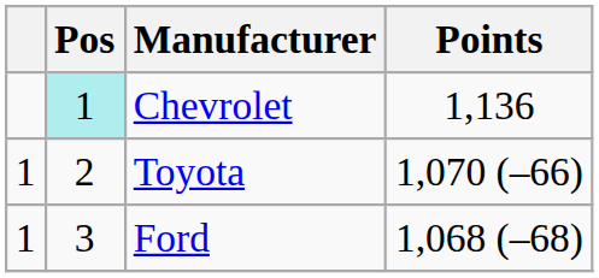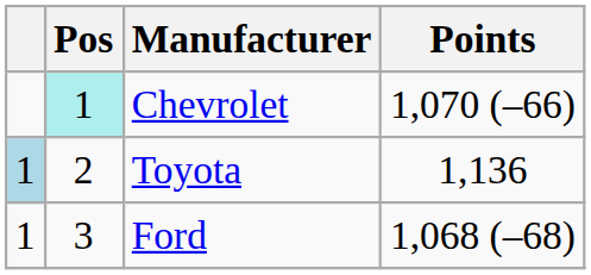 <table class="wikitable" style="font-size: 95%">
 <tr>
 <th></th>
 <th>Pos</th>
 <th>Manufacturer</th>
 <th>Points</th>
 </tr>
 <tr>
 <td align="left"></td>
 <td style="background: paleturquoise; text-align:center;">1</td>
 <td><a href='#'>Chevrolet</a></td>
-<td style="text-align:center;">1,136</td>
+<td style="text-align:center;">1,070 (–66)</td>
 </tr>
 <tr>
-<td align="left"> 1</td>
+<td align="left" style="background: lightblue;"> 1</td>
 <td style="text-align:center;">2</td>
 <td><a href='#'>Toyota</a></td>
-<td style="text-align:center;">1,070 (–66)</td>
+<td style="text-align:center;">1,136</td>
 </tr>
 <tr>
 <td align="left"> 1</td>
 <td style="text-align:center;">3</td>
 <td><a href='#'>Ford</a></td>
 <td style="text-align:center;">1,068 (–68)</td>
 </tr>
 <tr class="sortbottom">
 </tr>
 </table>
